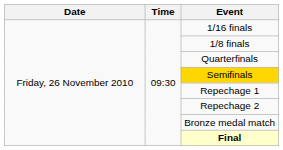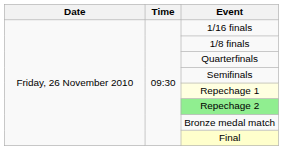 <table class = "wikitable" style="text-align:center;">
 <tr>
 <th width=220>Date</th>
 <th width=50>Time</th>
 <th width=150>Event</th>
 </tr>
 <tr>
 <td rowspan=8>Friday, 26 November 2010</td>
 <td rowspan=8>09:30</td>
 <td>1/16 finals</td>
 </tr>
 <tr>
 <td>1/8 finals</td>
 </tr>
 <tr>
 <td>Quarterfinals</td>
 </tr>
 <tr>
-<td style="background: gold;">Semifinals</td>
+<td>Semifinals</td>
 </tr>
 <tr>
-<td>Repechage 1</td>
+<td style="background: lightyellow;">Repechage 1</td>
 </tr>
 <tr>
-<td>Repechage 2</td>
+<td style="background: lightgreen;">Repechage 2</td>
 </tr>
 <tr>
 <td>Bronze medal match</td>
 </tr>
 <tr>
-<td bgcolor=ffffcc><strong>Final</strong></td>
+<td bgcolor=ffffcc>Final</td>
 </tr>
 </table>
